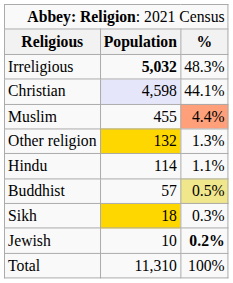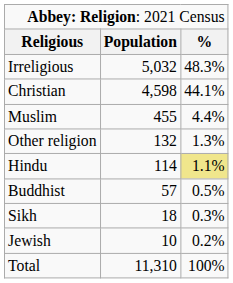 <table class="wikitable">
 <tr>
 <td colspan="14" style="text-align:right;"><strong>Abbey: Religion</strong>: 2021 Census</td>
 </tr>
 <tr>
 <th>Religious</th>
 <th>Population</th>
 <th>%</th>
 </tr>
 <tr>
 <td>Irreligious</td>
-<td style="text-align:right;"><strong>5,032</strong></td>
+<td style="text-align:right;">5,032</td>
 <td style="text-align:right;">48.3%</td>
 </tr>
 <tr>
 <td>Christian</td>
-<td style="background: lavender; text-align:right;">4,598</td>
+<td style="text-align:right;">4,598</td>
 <td style="text-align:right;">44.1%</td>
 </tr>
 <tr>
 <td>Muslim</td>
 <td style="text-align:right;">455</td>
-<td style="background: lightsalmon; text-align:right;">4.4%</td>
+<td style="text-align:right;">4.4%</td>
 </tr>
 <tr>
 <td>Other religion</td>
-<td style="background: gold; text-align:right;">132</td>
+<td style="text-align:right;">132</td>
 <td style="text-align:right;">1.3%</td>
 </tr>
 <tr>
 <td>Hindu</td>
 <td style="text-align:right;">114</td>
-<td style="text-align:right;">1.1%</td>
+<td style="background: khaki; text-align:right;">1.1%</td>
 </tr>
 <tr>
 <td>Buddhist</td>
 <td style="text-align:right;">57</td>
-<td style="background: khaki; text-align:right;">0.5%</td>
+<td style="text-align:right;">0.5%</td>
 </tr>
 <tr>
 <td>Sikh</td>
-<td style="background: gold; text-align:right;">18</td>
+<td style="text-align:right;">18</td>
 <td style="text-align:right;">0.3%</td>
 </tr>
 <tr>
 <td>Jewish</td>
 <td style="text-align:right;">10</td>
-<td style="text-align:right;"><strong>0.2%</strong></td>
+<td style="text-align:right;">0.2%</td>
 </tr>
 <tr>
 <td>Total</td>
 <td style="text-align:right;">11,310</td>
 <td style="text-align:right;">100%</td>
 </tr>
 </table>
